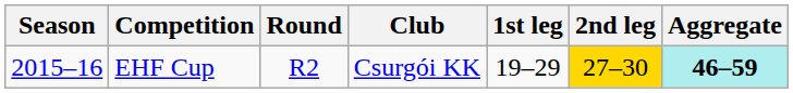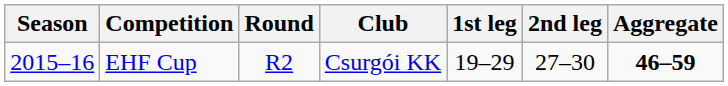 <table class="wikitable">
 <tr>
 <th>Season</th>
 <th>Competition</th>
 <th>Round</th>
 <th>Club</th>
 <th>1st leg</th>
 <th>2nd leg</th>
 <th>Aggregate</th>
 </tr>
 <tr>
 <td rowspan="2"><a href='#'>2015–16</a></td>
 <td rowspan="2"><a href='#'>EHF Cup</a></td>
 <td style="text-align:center;"><a href='#'>R2</a></td>
 <td> <a href='#'>Csurgói KK</a></td>
 <td style="text-align:center;">19–29</td>
-<td style="background: gold; text-align:center;">27–30</td>
-<td style="background: paleturquoise; text-align:center;"><strong>46–59</strong></td>
+<td style="text-align:center;">27–30</td>
+<td style="text-align:center;"><strong>46–59</strong></td>
 </tr>
 </table>
